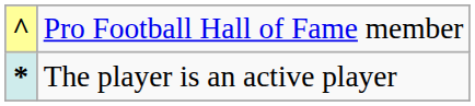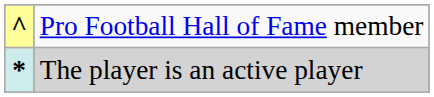 <table class="wikitable plainrowheaders" border="1">
 <tr>
 <th scope="row" style="text-align:center; background:#FFFF99;">^</th>
 <td><a href='#'>Pro Football Hall of Fame</a> member</td>
 </tr>
 <tr>
 <th scope="row" style="text-align:center; background-color:#cfecec;">*</th>
-<td>The player is an active player</td>
+<td style="background: lightgrey;">The player is an active player</td>
 </tr>
 </table>
